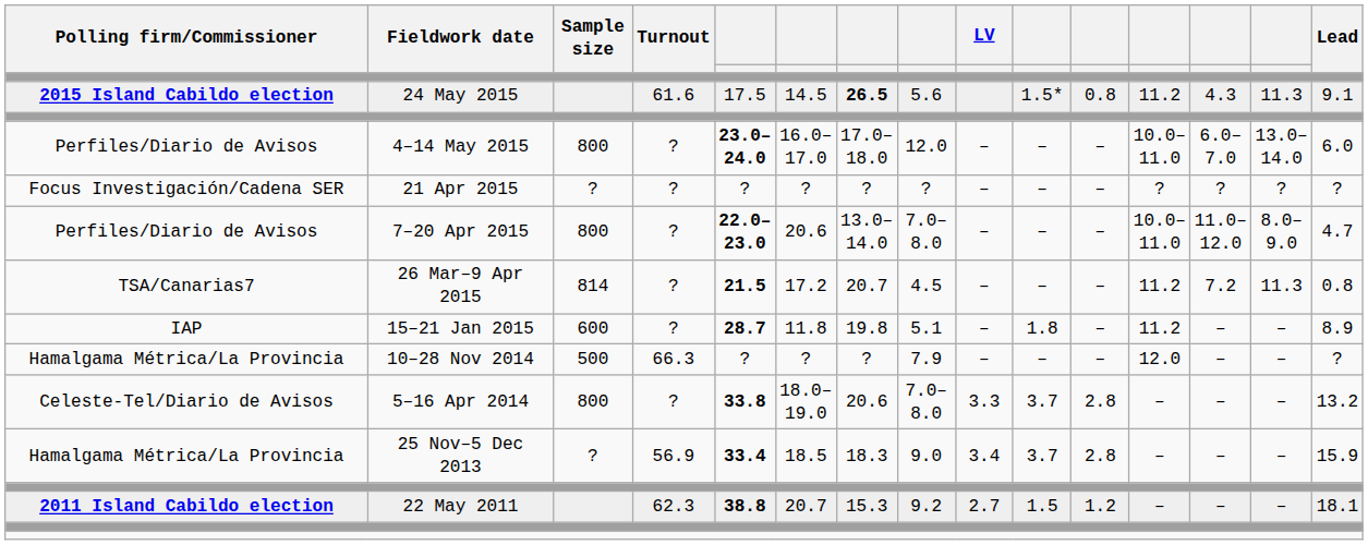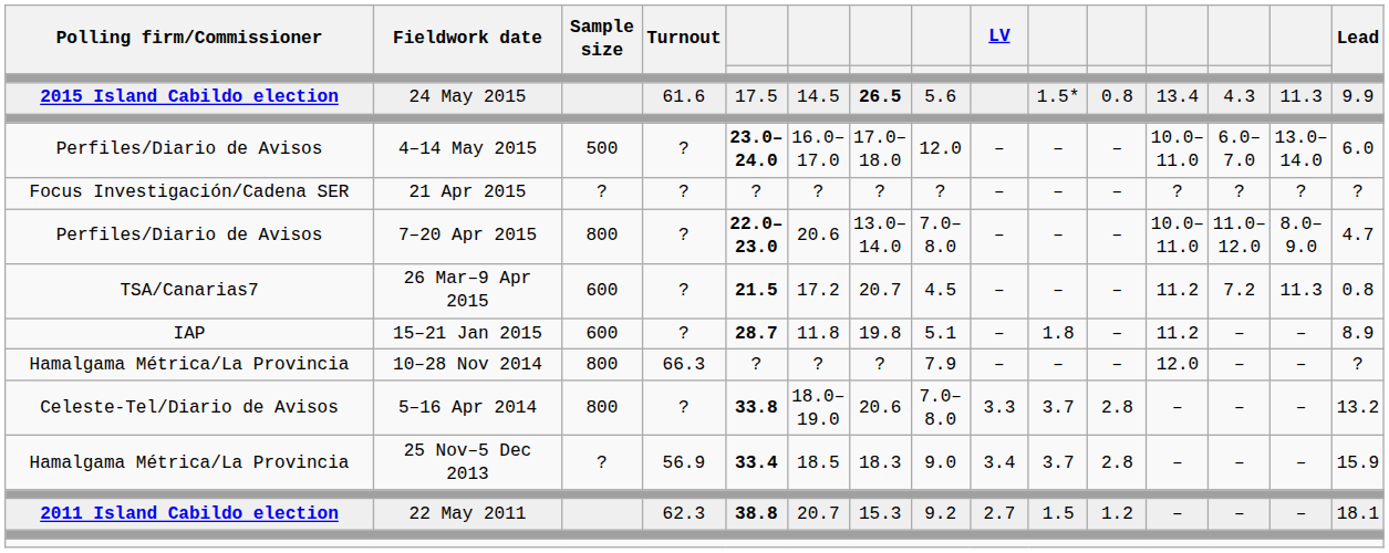 <table class="wikitable collapsible collapsed" style="text-align:center; font-size:95%; line-height:16px;">
 <tr style="height:42px;">
 <th style="width:250px;" rowspan="2">Polling firm/Commissioner</th>
 <th style="width:125px;" rowspan="2">Fieldwork date</th>
 <th style="width:50px;" rowspan="2">Sample size</th>
 <th style="width:45px;" rowspan="2">Turnout</th>
 <th style="width:35px;"></th>
 <th style="width:35px;"></th>
 <th style="width:35px;"></th>
 <th style="width:35px;"></th>
 <th style="width:35px;"><a href='#'>LV</a></th>
 <th style="width:35px;"></th>
 <th style="width:35px;"></th>
 <th style="width:35px;"></th>
 <th style="width:35px;"></th>
 <th style="width:35px;"></th>
 <th style="width:30px;" rowspan="2">Lead</th>
 </tr>
 <tr>
 <th style="color:inherit;background:"></th>
 <th style="color:inherit;background:"></th>
 <th style="color:inherit;background:"></th>
 <th style="color:inherit;background:"></th>
 <th style="color:inherit;background:"></th>
 <th style="color:inherit;background:"></th>
 <th style="color:inherit;background:"></th>
 <th style="color:inherit;background:"></th>
 <th style="color:inherit;background:"></th>
 <th style="color:inherit;background:"></th>
 </tr>
 <tr>
 <td colspan="15" style="background:#A0A0A0"></td>
 </tr>
 <tr style="background:#EFEFEF;">
 <td><strong><a href='#'>2015 Island Cabildo election</a></strong></td>
 <td>24 May 2015</td>
 <td></td>
 <td>61.6</td>
 <td>17.5<br></td>
 <td>14.5<br></td>
 <td><strong>26.5</strong><br></td>
 <td>5.6<br></td>
 <td></td>
 <td>1.5*<br></td>
 <td>0.8<br></td>
-<td>11.2<br></td>
+<td>13.4<br></td>
 <td>4.3<br></td>
 <td>11.3<br></td>
-<td style="background:">9.1</td>
+<td style="background:">9.9</td>
 </tr>
 <tr>
 <td colspan="15" style="background:#A0A0A0"></td>
 </tr>
 <tr>
 <td>Perfiles/Diario de Avisos</td>
 <td>4–14 May 2015</td>
-<td>800</td>
+<td>500</td>
 <td>?</td>
 <td><strong>23.0–<br>24.0</strong><br></td>
 <td>16.0–<br>17.0<br></td>
 <td>17.0–<br>18.0<br></td>
 <td>12.0<br></td>
 <td>–</td>
 <td>–</td>
 <td>–</td>
 <td>10.0–<br>11.0<br></td>
 <td>6.0–<br>7.0<br></td>
 <td>13.0–<br>14.0<br></td>
 <td style="background:">6.0</td>
 </tr>
 <tr>
 <td>Focus Investigación/Cadena SER</td>
 <td>21 Apr 2015</td>
 <td>?</td>
 <td>?</td>
 <td>?<br></td>
 <td>?<br></td>
 <td>?<br></td>
 <td>?<br></td>
 <td>–</td>
 <td>–</td>
 <td>–</td>
 <td>?<br></td>
 <td>?<br></td>
 <td>?<br></td>
 <td style="background:">?</td>
 </tr>
 <tr>
 <td>Perfiles/Diario de Avisos</td>
 <td>7–20 Apr 2015</td>
 <td>800</td>
 <td>?</td>
 <td><strong>22.0–<br>23.0</strong><br></td>
 <td>20.6<br></td>
 <td>13.0–<br>14.0<br></td>
 <td>7.0–<br>8.0<br></td>
 <td>–</td>
 <td>–</td>
 <td>–</td>
 <td>10.0–<br>11.0<br></td>
 <td>11.0–<br>12.0<br></td>
 <td>8.0–<br>9.0<br></td>
 <td style="background:">4.7</td>
 </tr>
 <tr>
 <td>TSA/Canarias7</td>
 <td>26 Mar–9 Apr 2015</td>
-<td>814</td>
+<td>600</td>
 <td>?</td>
 <td><strong>21.5</strong><br></td>
 <td>17.2<br></td>
 <td>20.7<br></td>
 <td>4.5<br></td>
 <td>–</td>
 <td>–</td>
 <td>–</td>
 <td>11.2<br></td>
 <td>7.2<br></td>
 <td>11.3<br></td>
 <td style="background:">0.8</td>
 </tr>
 <tr>
 <td>IAP</td>
 <td>15–21 Jan 2015</td>
 <td>600</td>
 <td>?</td>
 <td><strong>28.7</strong><br></td>
 <td>11.8<br></td>
 <td>19.8<br></td>
 <td>5.1<br></td>
 <td>–</td>
 <td>1.8<br></td>
 <td>–</td>
 <td>11.2<br></td>
 <td>–</td>
 <td>–</td>
 <td style="background:">8.9</td>
 </tr>
 <tr>
 <td>Hamalgama Métrica/La Provincia</td>
 <td>10–28 Nov 2014</td>
-<td>500</td>
+<td>800</td>
 <td>66.3</td>
 <td>?<br></td>
 <td>?<br></td>
 <td>?<br></td>
 <td>7.9<br></td>
 <td>–</td>
 <td>–</td>
 <td>–</td>
 <td>12.0<br></td>
 <td>–</td>
 <td>–</td>
 <td style="background:">?</td>
 </tr>
 <tr>
 <td>Celeste-Tel/Diario de Avisos</td>
 <td>5–16 Apr 2014</td>
 <td>800</td>
 <td>?</td>
 <td><strong>33.8</strong><br></td>
 <td>18.0–<br>19.0<br></td>
 <td>20.6<br></td>
 <td>7.0–<br>8.0<br></td>
 <td>3.3<br></td>
 <td>3.7<br></td>
 <td>2.8<br></td>
 <td>–</td>
 <td>–</td>
 <td>–</td>
 <td style="background:">13.2</td>
 </tr>
 <tr>
 <td>Hamalgama Métrica/La Provincia</td>
 <td>25 Nov–5 Dec 2013</td>
 <td>?</td>
 <td>56.9</td>
 <td><strong>33.4</strong><br></td>
 <td>18.5<br></td>
 <td>18.3<br></td>
 <td>9.0<br></td>
 <td>3.4<br></td>
 <td>3.7<br></td>
 <td>2.8<br></td>
 <td>–</td>
 <td>–</td>
 <td>–</td>
 <td style="background:">15.9</td>
 </tr>
 <tr>
 <td colspan="15" style="background:#A0A0A0"></td>
 </tr>
 <tr style="background:#EFEFEF;">
 <td><strong><a href='#'>2011 Island Cabildo election</a></strong></td>
 <td>22 May 2011</td>
 <td></td>
 <td>62.3</td>
 <td><strong>38.8</strong><br></td>
 <td>20.7<br></td>
 <td>15.3<br></td>
 <td>9.2<br></td>
 <td>2.7<br></td>
 <td>1.5<br></td>
 <td>1.2<br></td>
 <td>–</td>
 <td>–</td>
 <td>–</td>
 <td style="background:">18.1</td>
 </tr>
 <tr>
 <td colspan="15" style="background:#A0A0A0"></td>
 </tr>
 <tr>
 <td align="left" colspan="15"></td>
 </tr>
 </table>
